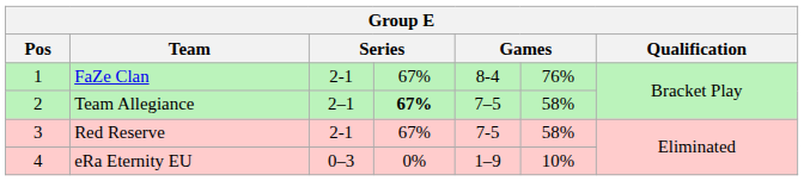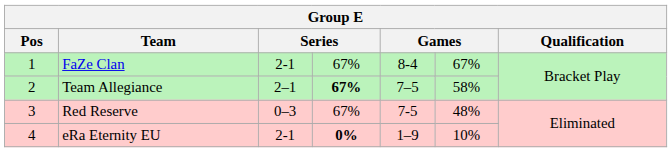 <table class="wikitable" style="display: inline-table;width: 45%;">
 <tr>
 <th colspan="7">Group E</th>
 </tr>
 <tr>
 <th>Pos</th>
 <th>Team</th>
 <th colspan="2">Series</th>
 <th colspan="2">Games</th>
 <th>Qualification</th>
 </tr>
 <tr>
 <td style="text-align:center; background:#BBF3BB;">1</td>
 <td style="text-align:left; background:#BBF3BB;"><a href='#'>FaZe Clan</a></td>
 <td style="text-align:center; background:#BBF3BB;">2-1</td>
 <td style="text-align:center; background:#BBF3BB;">67%</td>
 <td style="text-align:center; background:#BBF3BB;">8-4</td>
-<td style="text-align:center; background:#BBF3BB;">76%</td>
+<td style="text-align:center; background:#BBF3BB;">67%</td>
 <td style="text-align:center; background:#BBF3BB;" rowspan="2">Bracket Play</td>
 </tr>
 <tr>
 <td style="text-align:center; background:#BBF3BB;">2</td>
 <td style="text-align:left; background:#BBF3BB;">Team Allegiance</td>
 <td style="text-align:center; background:#BBF3BB;">2–1</td>
 <td style="text-align:center; background:#BBF3BB;"><strong>67%</strong></td>
 <td style="text-align:center; background:#BBF3BB;">7–5</td>
 <td style="text-align:center; background:#BBF3BB;">58%</td>
 </tr>
 <tr>
 <td style="text-align:center; background:#FFCCCC;">3</td>
 <td style="text-align:left; background:#FFCCCC;">Red Reserve</td>
-<td style="text-align:center; background:#FFCCCC;">2-1</td>
+<td style="text-align:center; background:#FFCCCC;">0–3</td>
 <td style="text-align:center; background:#FFCCCC;">67%</td>
 <td style="text-align:center; background:#FFCCCC;">7-5</td>
-<td style="text-align:center; background:#FFCCCC;">58%</td>
+<td style="text-align:center; background:#FFCCCC;">48%</td>
 <td style="text-align:center; background:#FFCCCC;" rowspan="2">Eliminated</td>
 </tr>
 <tr>
 <td style="text-align:center; background:#FFCCCC;">4</td>
 <td style="text-align:left; background:#FFCCCC;">eRa Eternity EU</td>
-<td style="text-align:center; background:#FFCCCC;">0–3</td>
-<td style="text-align:center; background:#FFCCCC;">0%</td>
+<td style="text-align:center; background:#FFCCCC;">2-1</td>
+<td style="text-align:center; background:#FFCCCC;"><strong>0%</strong></td>
 <td style="text-align:center; background:#FFCCCC;">1–9</td>
 <td style="text-align:center; background:#FFCCCC;">10%</td>
 </tr>
 </table>
